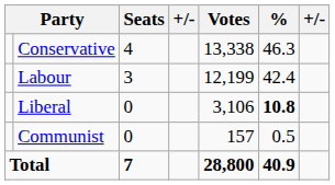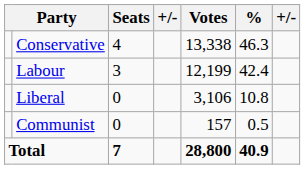 <table class="wikitable sortable">
 <tr>
 <th colspan="2">Party</th>
 <th>Seats</th>
 <th>+/-</th>
 <th>Votes</th>
 <th>%</th>
 <th>+/-</th>
 </tr>
 <tr>
 <td style="background-color: "></td>
 <td><a href='#'>Conservative</a></td>
 <td>4</td>
 <td></td>
 <td style="text-align:right;">13,338</td>
 <td style="text-align:right;">46.3</td>
 <td style="text-align:right;"></td>
 </tr>
 <tr>
 <td style="background-color: "></td>
 <td><a href='#'>Labour</a></td>
 <td>3</td>
 <td></td>
 <td style="text-align:right;">12,199</td>
 <td style="text-align:right;">42.4</td>
 <td style="text-align:right;"></td>
 </tr>
 <tr>
 <td style="background-color: "></td>
 <td><a href='#'>Liberal</a></td>
 <td>0</td>
 <td></td>
 <td style="text-align:right;">3,106</td>
-<td style="text-align:right;"><strong>10.8</strong></td>
+<td style="text-align:right;">10.8</td>
 <td style="text-align:right;"></td>
 </tr>
 <tr>
 <td style="background-color: "></td>
 <td><a href='#'>Communist</a></td>
 <td>0</td>
 <td></td>
 <td style="text-align:right;">157</td>
 <td style="text-align:right;">0.5</td>
 <td style="text-align:right;"></td>
 </tr>
 <tr>
 <td colspan="2"><strong>Total</strong></td>
 <td><strong>7</strong></td>
 <td></td>
 <td style="text-align:right;"><strong>28,800</strong></td>
 <td style="text-align:right;"><strong>40.9</strong></td>
 <td></td>
 </tr>
 </table>
